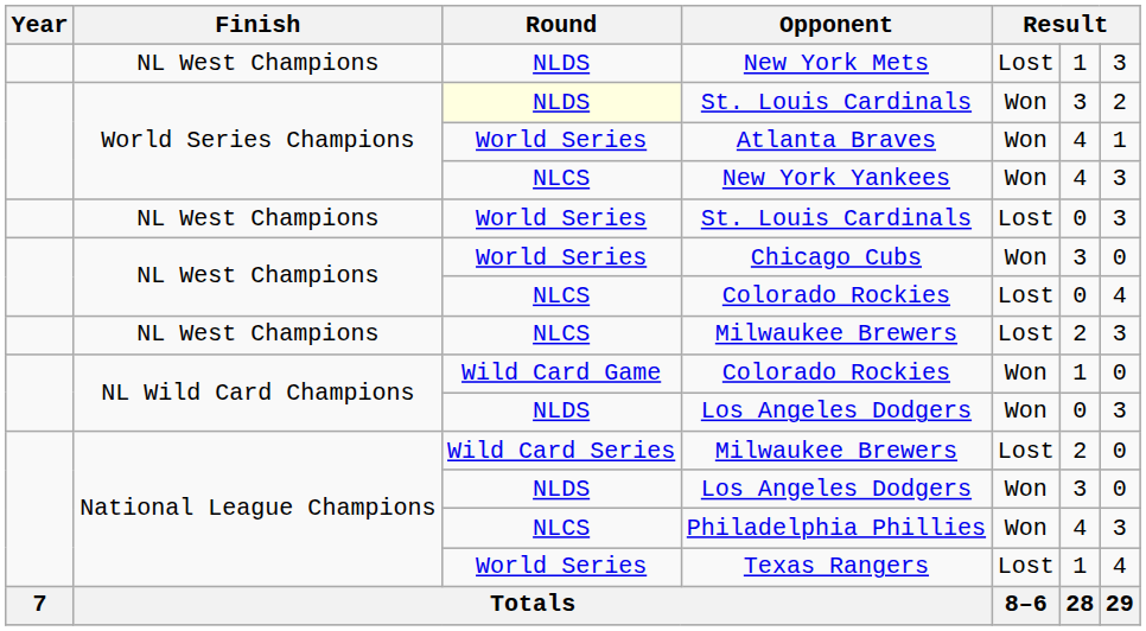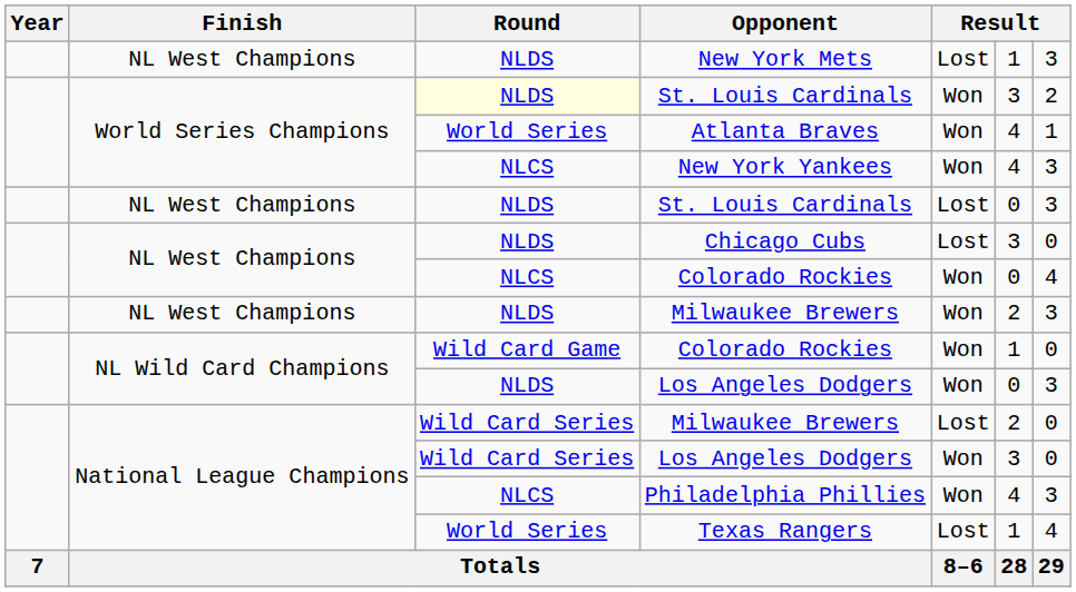 <table class="wikitable">
 <tr>
 <th colspan=1>Year</th>
 <th colspan=1>Finish</th>
 <th colspan=1>Round</th>
 <th colspan=1>Opponent</th>
 <th colspan=3>Result</th>
 </tr>
 <tr>
 <td align="center" rowspan="1"></td>
 <td align="center" rowspan="1">NL West Champions</td>
 <td align="center"><a href='#'>NLDS</a></td>
 <td align="center"><a href='#'>New York Mets</a></td>
 <td align="center">Lost</td>
 <td align="center">1</td>
 <td align="center">3</td>
 </tr>
 <tr>
 <td align="center" rowspan="3"></td>
 <td align="center" rowspan="3">World Series Champions</td>
 <td align="center" style="background: lightyellow;"><a href='#'>NLDS</a></td>
 <td align="center"><a href='#'>St. Louis Cardinals</a></td>
 <td align="center">Won</td>
 <td align="center">3</td>
 <td align="center">2</td>
 </tr>
 <tr>
 <td align="center"><a href='#'>World Series</a></td>
 <td align="center"><a href='#'>Atlanta Braves</a></td>
 <td align="center">Won</td>
 <td align="center">4</td>
 <td align="center">1</td>
 </tr>
 <tr>
 <td align="center"><a href='#'>NLCS</a></td>
 <td align="center"><a href='#'>New York Yankees</a></td>
 <td align="center">Won</td>
 <td align="center">4</td>
 <td align="center">3</td>
 </tr>
 <tr>
 <td align="center" rowspan="1"></td>
 <td align="center" rowspan="1">NL West Champions</td>
-<td align="center"><a href='#'>World Series</a></td>
+<td align="center"><a href='#'>NLDS</a></td>
 <td align="center"><a href='#'>St. Louis Cardinals</a></td>
 <td align="center">Lost</td>
 <td align="center">0</td>
 <td align="center">3</td>
 </tr>
 <tr>
 <td align="center" rowspan="2"></td>
 <td align="center" rowspan="2">NL West Champions</td>
-<td align="center"><a href='#'>World Series</a></td>
+<td align="center"><a href='#'>NLDS</a></td>
 <td align="center"><a href='#'>Chicago Cubs</a></td>
-<td align="center">Won</td>
+<td align="center">Lost</td>
 <td align="center">3</td>
 <td align="center">0</td>
 </tr>
 <tr>
 <td align="center"><a href='#'>NLCS</a></td>
 <td align="center"><a href='#'>Colorado Rockies</a></td>
-<td align="center">Lost</td>
+<td align="center">Won</td>
 <td align="center">0</td>
 <td align="center">4</td>
 </tr>
 <tr>
 <td align="center" rowspan="1"></td>
 <td align="center" rowspan="1">NL West Champions</td>
-<td align="center"><a href='#'>NLCS</a></td>
+<td align="center"><a href='#'>NLDS</a></td>
 <td align="center"><a href='#'>Milwaukee Brewers</a></td>
-<td align="center">Lost</td>
+<td align="center">Won</td>
 <td align="center">2</td>
 <td align="center">3</td>
 </tr>
 <tr>
 <td align="center" rowspan="2"></td>
 <td align="center" rowspan="2">NL Wild Card Champions</td>
 <td align="center"><a href='#'>Wild Card Game</a></td>
 <td align="center"><a href='#'>Colorado Rockies</a></td>
 <td align="center">Won</td>
 <td align="center">1</td>
 <td align="center">0</td>
 </tr>
 <tr>
 <td align="center"><a href='#'>NLDS</a></td>
 <td align="center"><a href='#'>Los Angeles Dodgers</a></td>
 <td align="center">Won</td>
 <td align="center">0</td>
 <td align="center">3</td>
 </tr>
 <tr>
 <td align="center" rowspan="4"></td>
 <td align="center" rowspan="4">National League Champions</td>
 <td align="center"><a href='#'>Wild Card Series</a></td>
 <td align="center"><a href='#'>Milwaukee Brewers</a></td>
 <td align="center">Lost</td>
 <td align="center">2</td>
 <td align="center">0</td>
 </tr>
 <tr>
-<td align="center"><a href='#'>NLDS</a></td>
+<td align="center"><a href='#'>Wild Card Series</a></td>
 <td align="center"><a href='#'>Los Angeles Dodgers</a></td>
 <td align="center">Won</td>
 <td align="center">3</td>
 <td align="center">0</td>
 </tr>
 <tr>
 <td align="center"><a href='#'>NLCS</a></td>
 <td align="center"><a href='#'>Philadelphia Phillies</a></td>
 <td align="center">Won</td>
 <td align="center">4</td>
 <td align="center">3</td>
 </tr>
 <tr>
 <td align="center"><a href='#'>World Series</a></td>
 <td align="center"><a href='#'>Texas Rangers</a></td>
 <td align="center">Lost</td>
 <td align="center">1</td>
 <td align="center">4</td>
 </tr>
 <tr>
 <th align="center">7</th>
 <th colspan="3">Totals</th>
 <th>8–6</th>
 <th>28</th>
 <th>29</th>
 </tr>
 </table>
